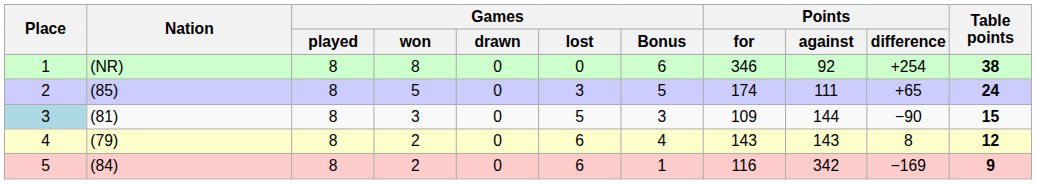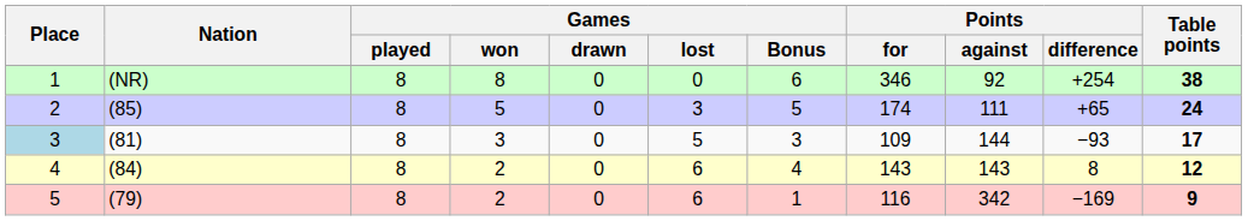 <table class="wikitable">
 <tr>
 <th rowspan=2 width="8%">Place</th>
 <th rowspan=2 width="20%">Nation</th>
 <th colspan=5 width="40%">Games</th>
 <th colspan=3 width="24%">Points</th>
 <th rowspan=2 width="10%">Table<br>points</th>
 </tr>
 <tr>
 <th width="8%">played</th>
 <th width="8%">won</th>
 <th width="8%">drawn</th>
 <th width="8%">lost</th>
 <th width="8%">Bonus</th>
 <th width="8%">for</th>
 <th width="8%">against</th>
 <th width="8%">difference</th>
 </tr>
 <tr>
 </tr>
 <tr align=center bgcolor="#ccffcc">
 <td>1</td>
 <td align=left> (NR)</td>
 <td>8</td>
 <td>8</td>
 <td>0</td>
 <td>0</td>
 <td>6</td>
 <td>346</td>
 <td>92</td>
 <td>+254</td>
 <td><strong>38</strong></td>
 </tr>
 <tr align=center bgcolor="#ccccff">
 <td>2</td>
 <td align=left> (85)</td>
 <td>8</td>
 <td>5</td>
 <td>0</td>
 <td>3</td>
 <td>5</td>
 <td>174</td>
 <td>111</td>
 <td>+65</td>
 <td><strong>24</strong></td>
 </tr>
 <tr align=center>
 <td style="background: lightblue;">3</td>
 <td align=left> (81)</td>
 <td>8</td>
 <td>3</td>
 <td>0</td>
 <td>5</td>
 <td>3</td>
 <td>109</td>
 <td>144</td>
-<td>−90</td>
-<td><strong>15</strong></td>
+<td>−93</td>
+<td><strong>17</strong></td>
 </tr>
 <tr align=center bgcolor="#ffffcc">
 <td>4</td>
-<td align=left> (79)</td>
+<td align=left> (84)</td>
 <td>8</td>
 <td>2</td>
 <td>0</td>
 <td>6</td>
 <td>4</td>
 <td>143</td>
 <td>143</td>
 <td>8</td>
 <td><strong>12</strong></td>
 </tr>
 <tr align=center bgcolor="#ffcccc">
 <td>5</td>
-<td align=left> (84)</td>
+<td align=left> (79)</td>
 <td>8</td>
 <td>2</td>
 <td>0</td>
 <td>6</td>
 <td>1</td>
 <td>116</td>
 <td>342</td>
 <td>−169</td>
 <td><strong>9</strong></td>
 </tr>
 </table>
